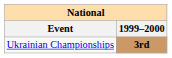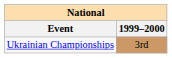 <table class="wikitable" style="text-align:center">
 <tr>
 <th style="background-color: #ffdead; " colspan=2 align=center>National</th>
 </tr>
 <tr>
 <th>Event</th>
 <th>1999–2000</th>
 </tr>
 <tr>
 <td align=left><a href='#'>Ukrainian Championships</a></td>
-<td bgcolor=cc9966><strong>3rd</strong></td>
+<td bgcolor=cc9966>3rd</td>
 </tr>
 </table>
